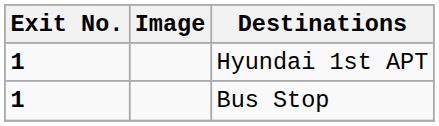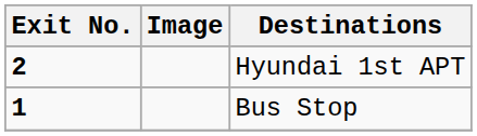 <table class="wikitable">
 <tr>
 <th>Exit No.</th>
 <th>Image</th>
 <th>Destinations</th>
 </tr>
 <tr>
-<td style="background:#"><strong>1</strong></td>
+<td style="background:#"><strong>2</strong></td>
 <td></td>
 <td>Hyundai 1st APT</td>
 </tr>
 <tr>
 <td style="background:#"><strong>1</strong></td>
 <td></td>
 <td>Bus Stop</td>
 </tr>
 <tr>
 </tr>
 </table>
